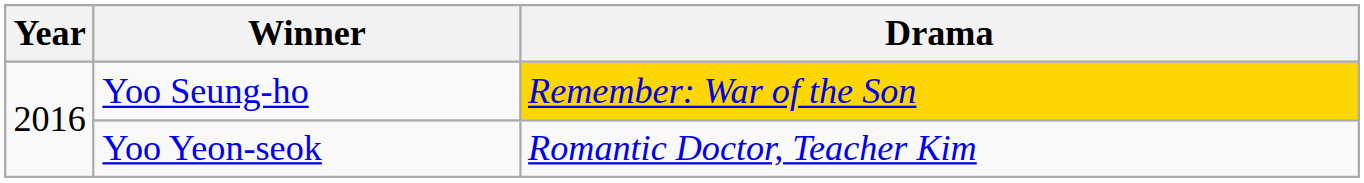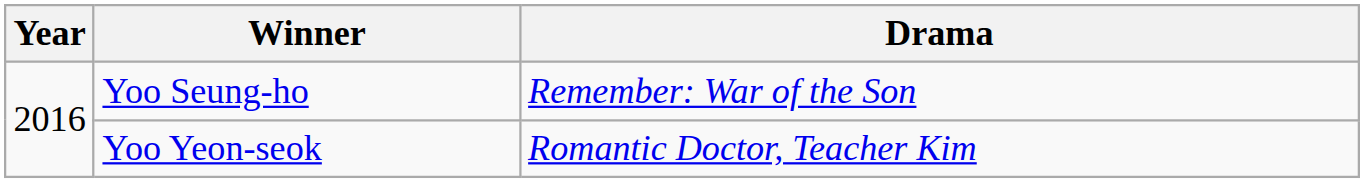 <table class="wikitable" style="width:600px">
 <tr>
 <th width=10>Year</th>
 <th>Winner</th>
 <th>Drama</th>
 </tr>
 <tr>
 <td rowspan=2>2016</td>
 <td><a href='#'>Yoo Seung-ho</a></td>
-<td style="background: gold;"><em><a href='#'>Remember: War of the Son</a></em></td>
+<td><em><a href='#'>Remember: War of the Son</a></em></td>
 </tr>
 <tr>
 <td><a href='#'>Yoo Yeon-seok</a></td>
 <td><em><a href='#'>Romantic Doctor, Teacher Kim</a></em></td>
 </tr>
 </table>
